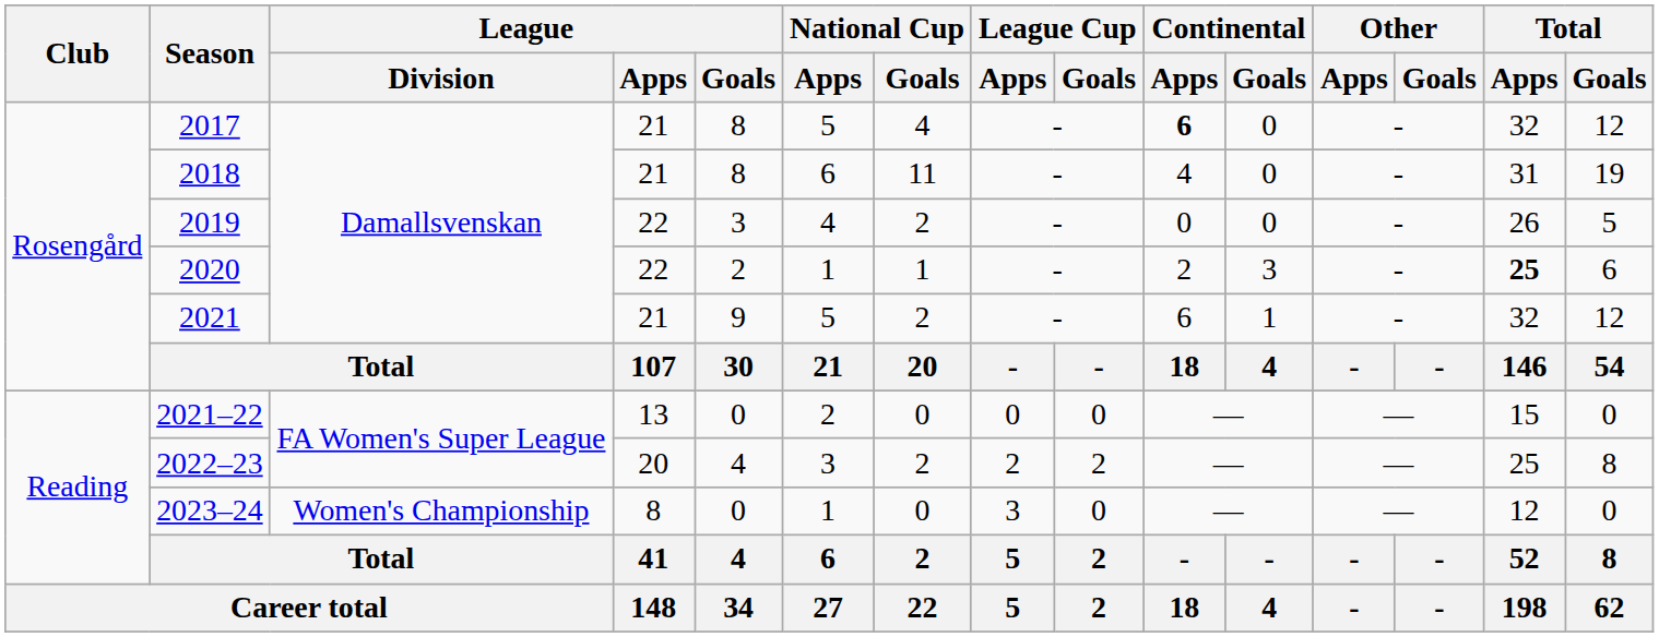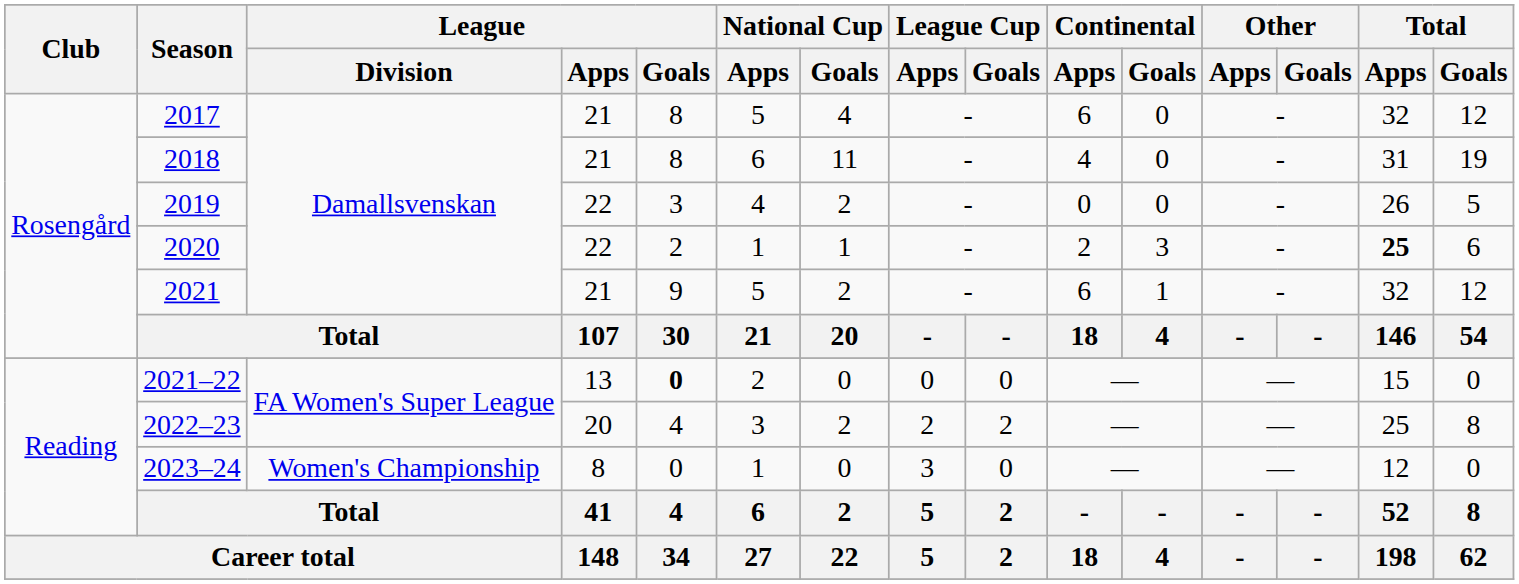 <table class="wikitable" style="text-align:center">
 <tr>
 <th rowspan="2">Club</th>
 <th rowspan="2">Season</th>
 <th colspan="3">League</th>
 <th colspan="2">National Cup</th>
 <th colspan="2">League Cup</th>
 <th colspan="2">Continental</th>
 <th colspan="2">Other</th>
 <th colspan="2">Total</th>
 </tr>
 <tr>
 <th>Division</th>
 <th>Apps</th>
 <th>Goals</th>
 <th>Apps</th>
 <th>Goals</th>
 <th>Apps</th>
 <th>Goals</th>
 <th>Apps</th>
 <th>Goals</th>
 <th>Apps</th>
 <th>Goals</th>
 <th>Apps</th>
 <th>Goals</th>
 </tr>
 <tr>
 <td rowspan="6"><a href='#'>Rosengård</a></td>
 <td><a href='#'>2017</a></td>
 <td rowspan="5"><a href='#'>Damallsvenskan</a></td>
 <td>21</td>
 <td>8</td>
 <td>5</td>
 <td>4</td>
 <td colspan="2">-</td>
-<td><strong>6</strong></td>
+<td>6</td>
 <td>0</td>
 <td colspan="2">-</td>
 <td>32</td>
 <td>12</td>
 </tr>
 <tr>
 <td><a href='#'>2018</a></td>
 <td>21</td>
 <td>8</td>
 <td>6</td>
 <td>11</td>
 <td colspan="2">-</td>
 <td>4</td>
 <td>0</td>
 <td colspan="2">-</td>
 <td>31</td>
 <td>19</td>
 </tr>
 <tr>
 <td><a href='#'>2019</a></td>
 <td>22</td>
 <td>3</td>
 <td>4</td>
 <td>2</td>
 <td colspan="2">-</td>
 <td>0</td>
 <td>0</td>
 <td colspan="2">-</td>
 <td>26</td>
 <td>5</td>
 </tr>
 <tr>
 <td><a href='#'>2020</a></td>
 <td>22</td>
 <td>2</td>
 <td>1</td>
 <td>1</td>
 <td colspan="2">-</td>
 <td>2</td>
 <td>3</td>
 <td colspan="2">-</td>
 <td><strong>25</strong></td>
 <td>6</td>
 </tr>
 <tr>
 <td><a href='#'>2021</a></td>
 <td>21</td>
 <td>9</td>
 <td>5</td>
 <td>2</td>
 <td colspan="2">-</td>
 <td>6</td>
 <td>1</td>
 <td colspan="2">-</td>
 <td>32</td>
 <td>12</td>
 </tr>
 <tr>
 <th colspan="2">Total</th>
 <th>107</th>
 <th>30</th>
 <th>21</th>
 <th>20</th>
 <th>-</th>
 <th>-</th>
 <th>18</th>
 <th>4</th>
 <th>-</th>
 <th>-</th>
 <th>146</th>
 <th>54</th>
 </tr>
 <tr>
 <td rowspan="4"><a href='#'>Reading</a></td>
 <td><a href='#'>2021–22</a></td>
 <td rowspan="2"><a href='#'>FA Women's Super League</a></td>
 <td>13</td>
-<td>0</td>
+<td><strong>0</strong></td>
 <td>2</td>
 <td>0</td>
 <td>0</td>
 <td>0</td>
 <td colspan="2">—</td>
 <td colspan="2">—</td>
 <td>15</td>
 <td>0</td>
 </tr>
 <tr>
 <td><a href='#'>2022–23</a></td>
 <td>20</td>
 <td>4</td>
 <td>3</td>
 <td>2</td>
 <td>2</td>
 <td>2</td>
 <td colspan="2">—</td>
 <td colspan="2">—</td>
 <td>25</td>
 <td>8</td>
 </tr>
 <tr>
 <td><a href='#'>2023–24</a></td>
 <td><a href='#'>Women's Championship</a></td>
 <td>8</td>
 <td>0</td>
 <td>1</td>
 <td>0</td>
 <td>3</td>
 <td>0</td>
 <td colspan="2">—</td>
 <td colspan="2">—</td>
 <td>12</td>
 <td>0</td>
 </tr>
 <tr>
 <th colspan="2">Total</th>
 <th>41</th>
 <th>4</th>
 <th>6</th>
 <th>2</th>
 <th>5</th>
 <th>2</th>
 <th>-</th>
 <th>-</th>
 <th>-</th>
 <th>-</th>
 <th>52</th>
 <th>8</th>
 </tr>
 <tr>
 <th colspan="3">Career total</th>
 <th>148</th>
 <th>34</th>
 <th>27</th>
 <th>22</th>
 <th>5</th>
 <th>2</th>
 <th>18</th>
 <th>4</th>
 <th>-</th>
 <th>-</th>
 <th>198</th>
 <th>62</th>
 </tr>
 </table>
